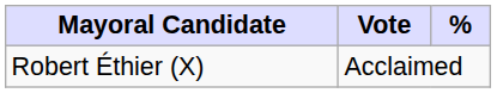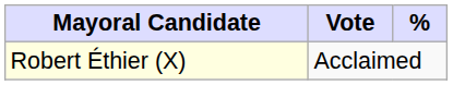 <table class="wikitable">
 <tr>
 <th style="background:#ddf; width:200px;">Mayoral Candidate </th>
 <th style="background:#ddf; width:50px;">Vote</th>
 <th style="background:#ddf; width:30px;">%</th>
 </tr>
 <tr>
-<td>Robert Éthier (X)</td>
+<td style="background: lightyellow;">Robert Éthier (X)</td>
 <td colspan="2">Acclaimed</td>
 </tr>
 </table>
